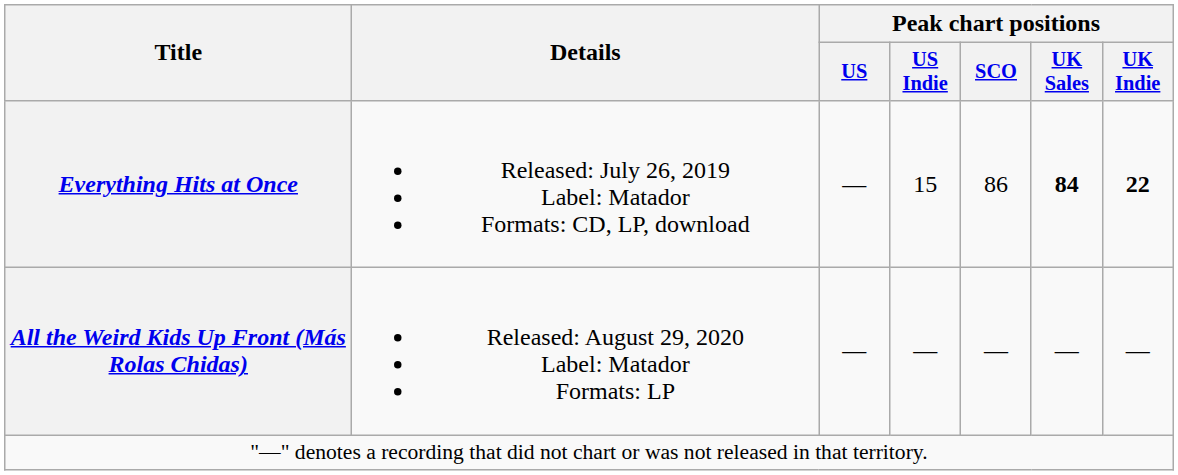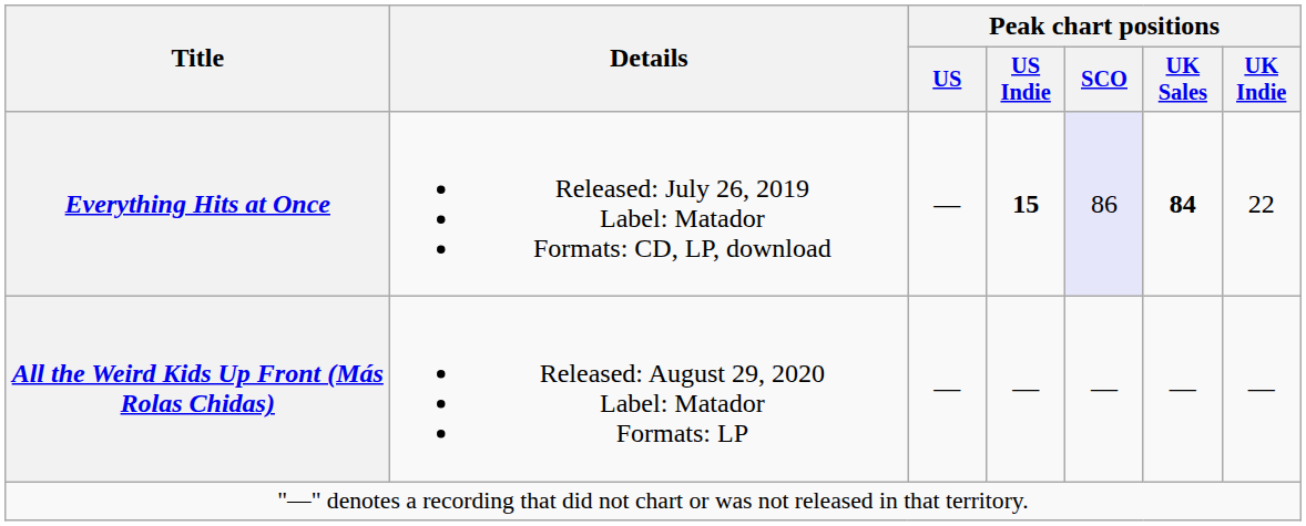 <table class="wikitable plainrowheaders" style="text-align:center;">
 <tr>
 <th scope="col" rowspan="2" style="width:14em;">Title</th>
 <th scope="col" rowspan="2" style="width:19em;">Details</th>
 <th scope="col" colspan="5">Peak chart positions</th>
 </tr>
 <tr>
 <th scope="col" style="width:3em;font-size:85%;"><a href='#'>US</a><br></th>
 <th scope="col" style="width:3em;font-size:85%;"><a href='#'>US<br> Indie</a><br></th>
 <th scope="col" style="width:3em;font-size:85%;"><a href='#'>SCO</a><br></th>
 <th scope="col" style="width:3em;font-size:85%;"><a href='#'>UK<br>Sales</a><br></th>
 <th scope="col" style="width:3em;font-size:85%;"><a href='#'>UK<br>Indie</a><br></th>
 </tr>
 <tr>
 <th scope="row"><em><a href='#'>Everything Hits at Once</a></em></th>
 <td><br><ul><li>Released: July 26, 2019</li><li>Label: Matador</li><li>Formats: CD, LP, download</li></ul></td>
 <td>—</td>
-<td>15</td>
-<td>86</td>
+<td><strong>15</strong></td>
+<td style="background: lavender;">86</td>
 <td><strong>84</strong></td>
-<td><strong>22</strong></td>
+<td>22</td>
 </tr>
 <tr>
 <th scope="row"><em><a href='#'>All the Weird Kids Up Front (Más Rolas Chidas)</a></em></th>
 <td><br><ul><li>Released: August 29, 2020</li><li>Label: Matador</li><li>Formats: LP</li></ul></td>
 <td>—</td>
 <td>—</td>
 <td>—</td>
 <td>—</td>
 <td>—</td>
 </tr>
 <tr>
 <td colspan="15" style="font-size:90%">"—" denotes a recording that did not chart or was not released in that territory.</td>
 </tr>
 </table>
